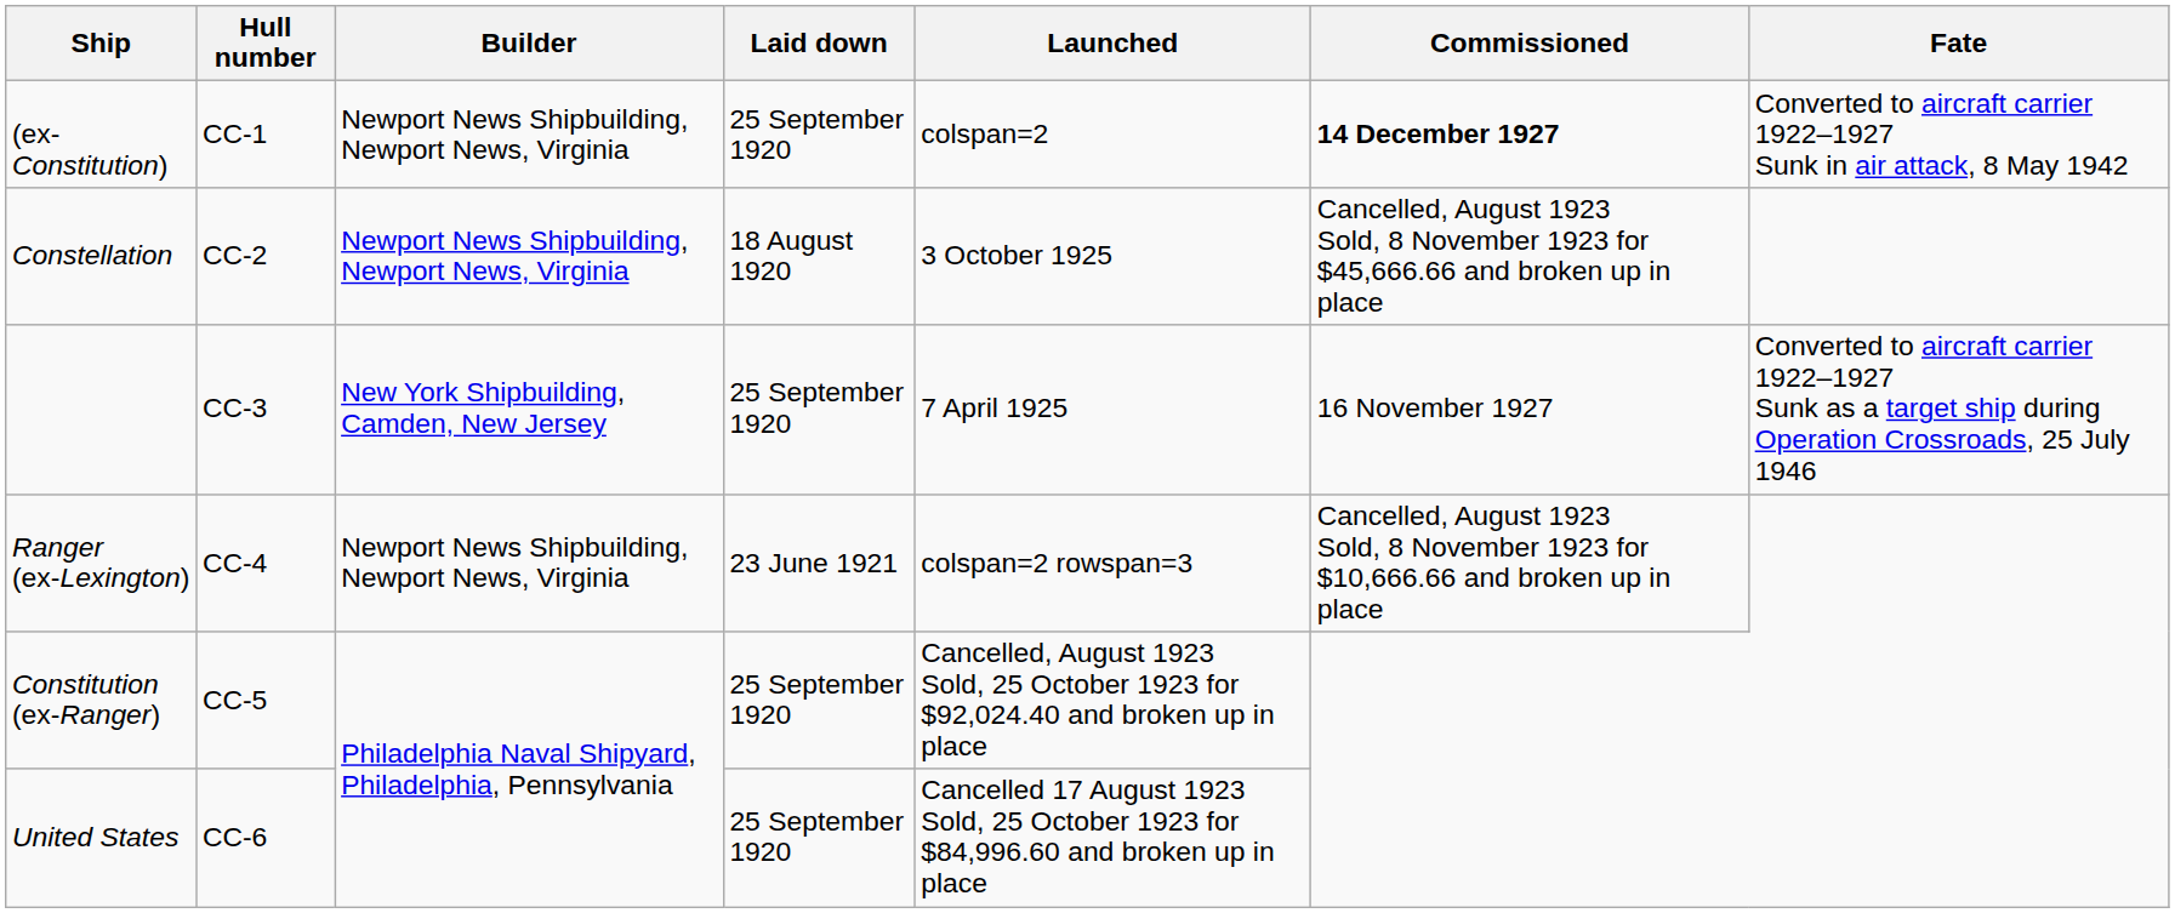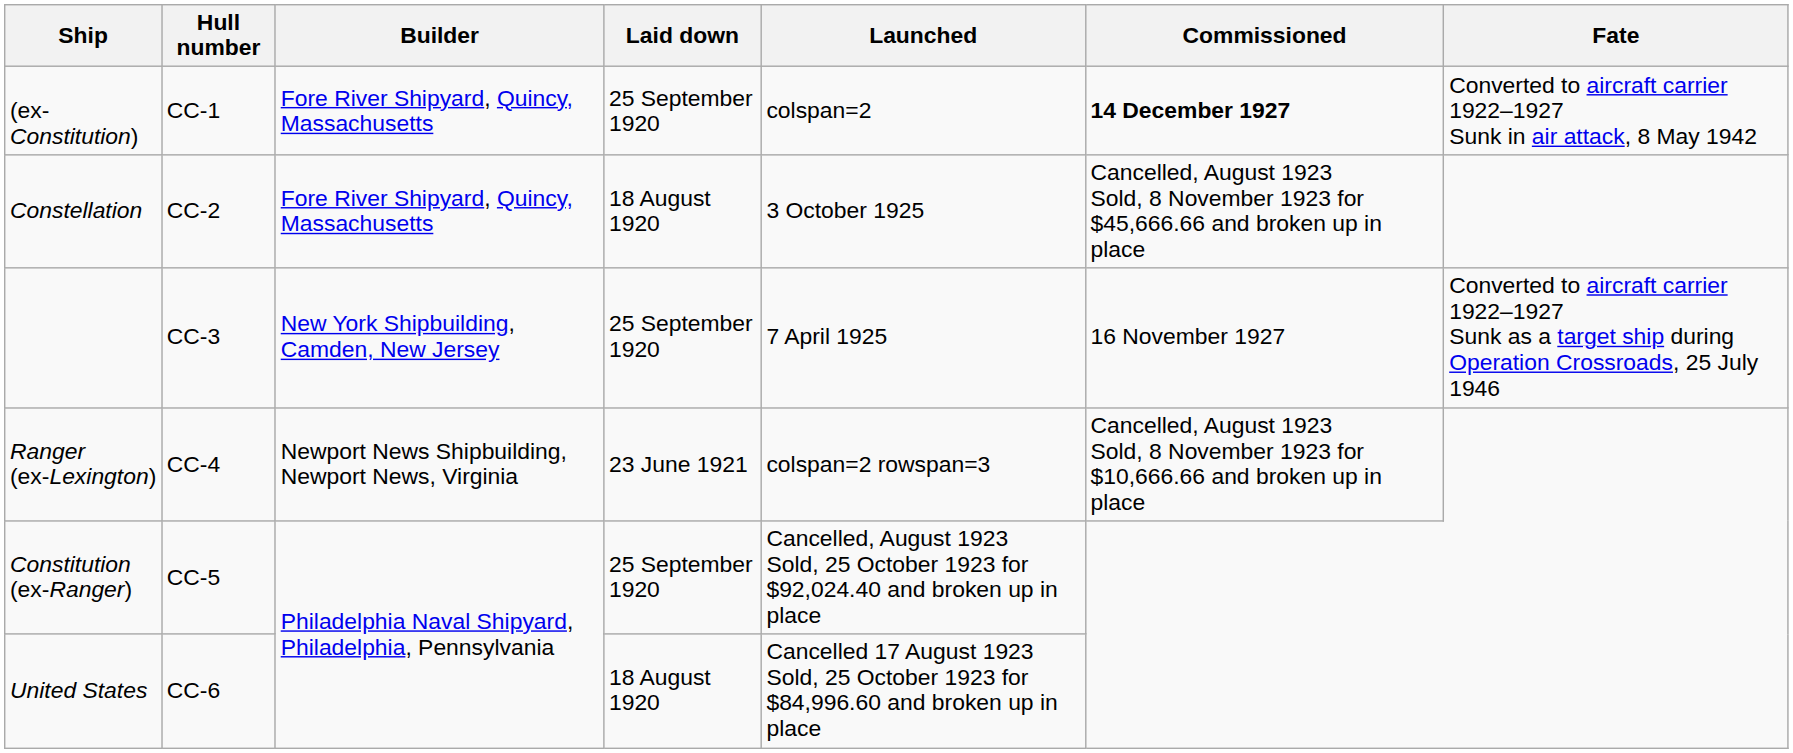 <table class="wikitable">
 <tr>
 <th>Ship</th>
 <th>Hull number</th>
 <th>Builder</th>
 <th>Laid down</th>
 <th>Launched</th>
 <th>Commissioned</th>
 <th>Fate</th>
 </tr>
 <tr>
 <td><br>(ex-<em>Constitution</em>)</td>
 <td>CC-1</td>
-<td>Newport News Shipbuilding, Newport News, Virginia</td>
+<td><a href='#'>Fore River Shipyard</a>, <a href='#'>Quincy, Massachusetts</a></td>
 <td>25 September 1920</td>
 <td>colspan=2 </td>
 <td><strong>14 December 1927</strong></td>
 <td>Converted to <a href='#'>aircraft carrier</a> 1922–1927<br>Sunk in <a href='#'>air attack</a>, 8 May 1942</td>
 </tr>
 <tr>
 <td><em>Constellation</em></td>
 <td>CC-2</td>
-<td><a href='#'>Newport News Shipbuilding</a>, <a href='#'>Newport News, Virginia</a></td>
+<td><a href='#'>Fore River Shipyard</a>, <a href='#'>Quincy, Massachusetts</a></td>
 <td>18 August 1920</td>
 <td>3 October 1925</td>
 <td>Cancelled, August 1923<br>Sold, 8 November 1923 for $45,666.66 and broken up in place</td>
 </tr>
 <tr>
 <td></td>
 <td>CC-3</td>
 <td><a href='#'>New York Shipbuilding</a>, <a href='#'>Camden, New Jersey</a></td>
 <td>25 September 1920</td>
 <td>7 April 1925</td>
 <td>16 November 1927</td>
 <td>Converted to <a href='#'>aircraft carrier</a> 1922–1927<br>Sunk as a <a href='#'>target ship</a> during <a href='#'>Operation Crossroads</a>, 25 July 1946</td>
 </tr>
 <tr>
 <td><em>Ranger</em><br>(ex-<em>Lexington</em>) </td>
 <td>CC-4</td>
 <td>Newport News Shipbuilding, Newport News, Virginia</td>
 <td>23 June 1921</td>
 <td>colspan=2 rowspan=3 </td>
 <td>Cancelled, August 1923<br>Sold, 8 November 1923 for $10,666.66 and broken up in place</td>
 </tr>
 <tr>
 <td><em>Constitution</em><br>(ex-<em>Ranger</em>)</td>
 <td>CC-5</td>
 <td rowspan=2><a href='#'>Philadelphia Naval Shipyard</a>, <a href='#'>Philadelphia</a>, Pennsylvania</td>
 <td>25 September 1920</td>
 <td>Cancelled, August 1923<br>Sold, 25 October 1923 for $92,024.40 and broken up in place</td>
 </tr>
 <tr>
 <td><em>United States</em></td>
 <td>CC-6</td>
-<td>25 September 1920</td>
+<td>18 August 1920</td>
 <td>Cancelled 17 August 1923<br>Sold, 25 October 1923 for $84,996.60 and broken up in place</td>
 </tr>
 </table>
